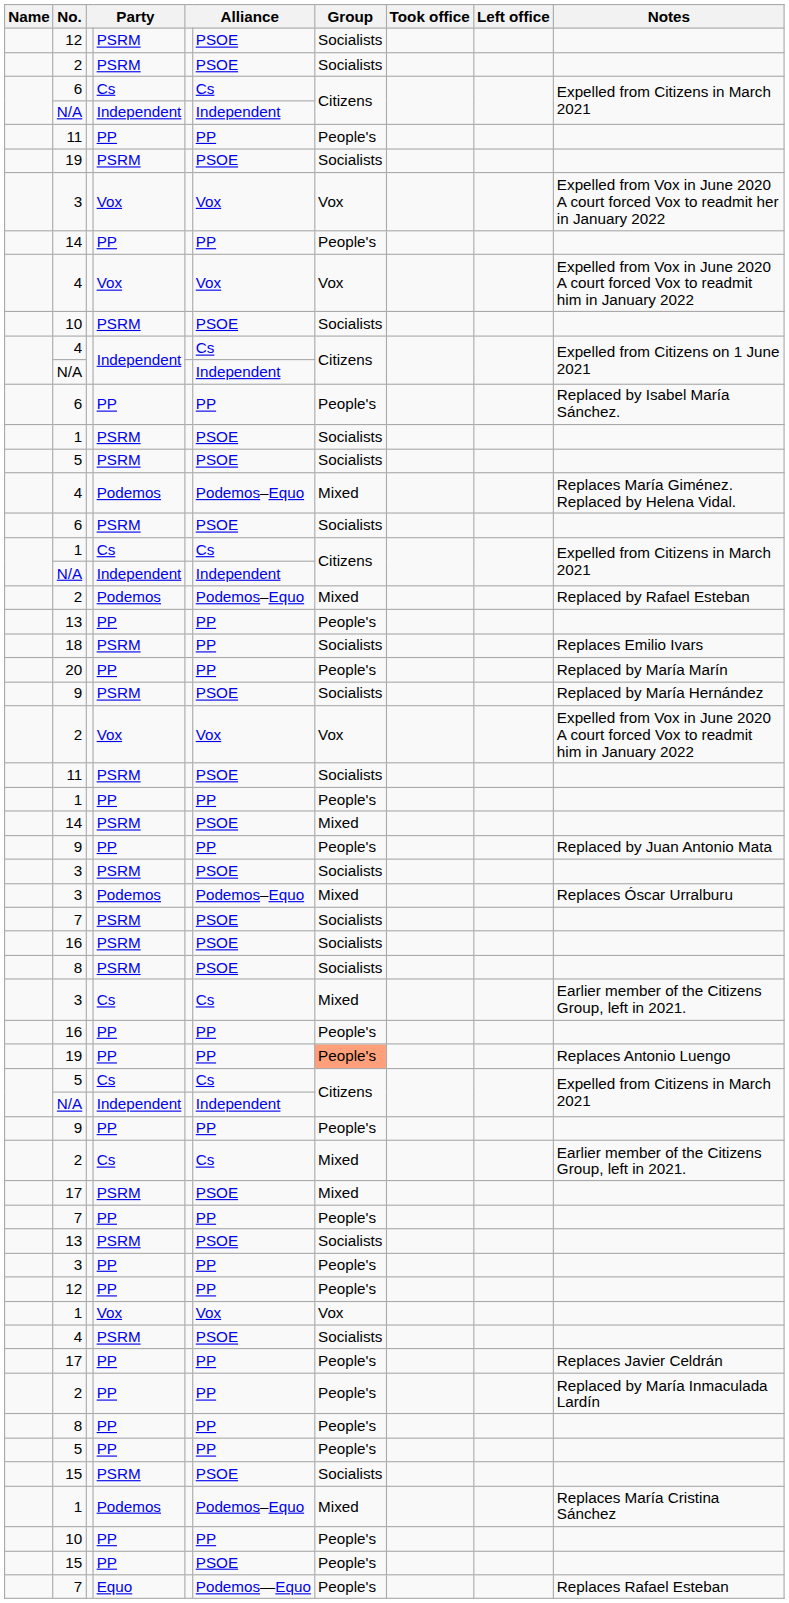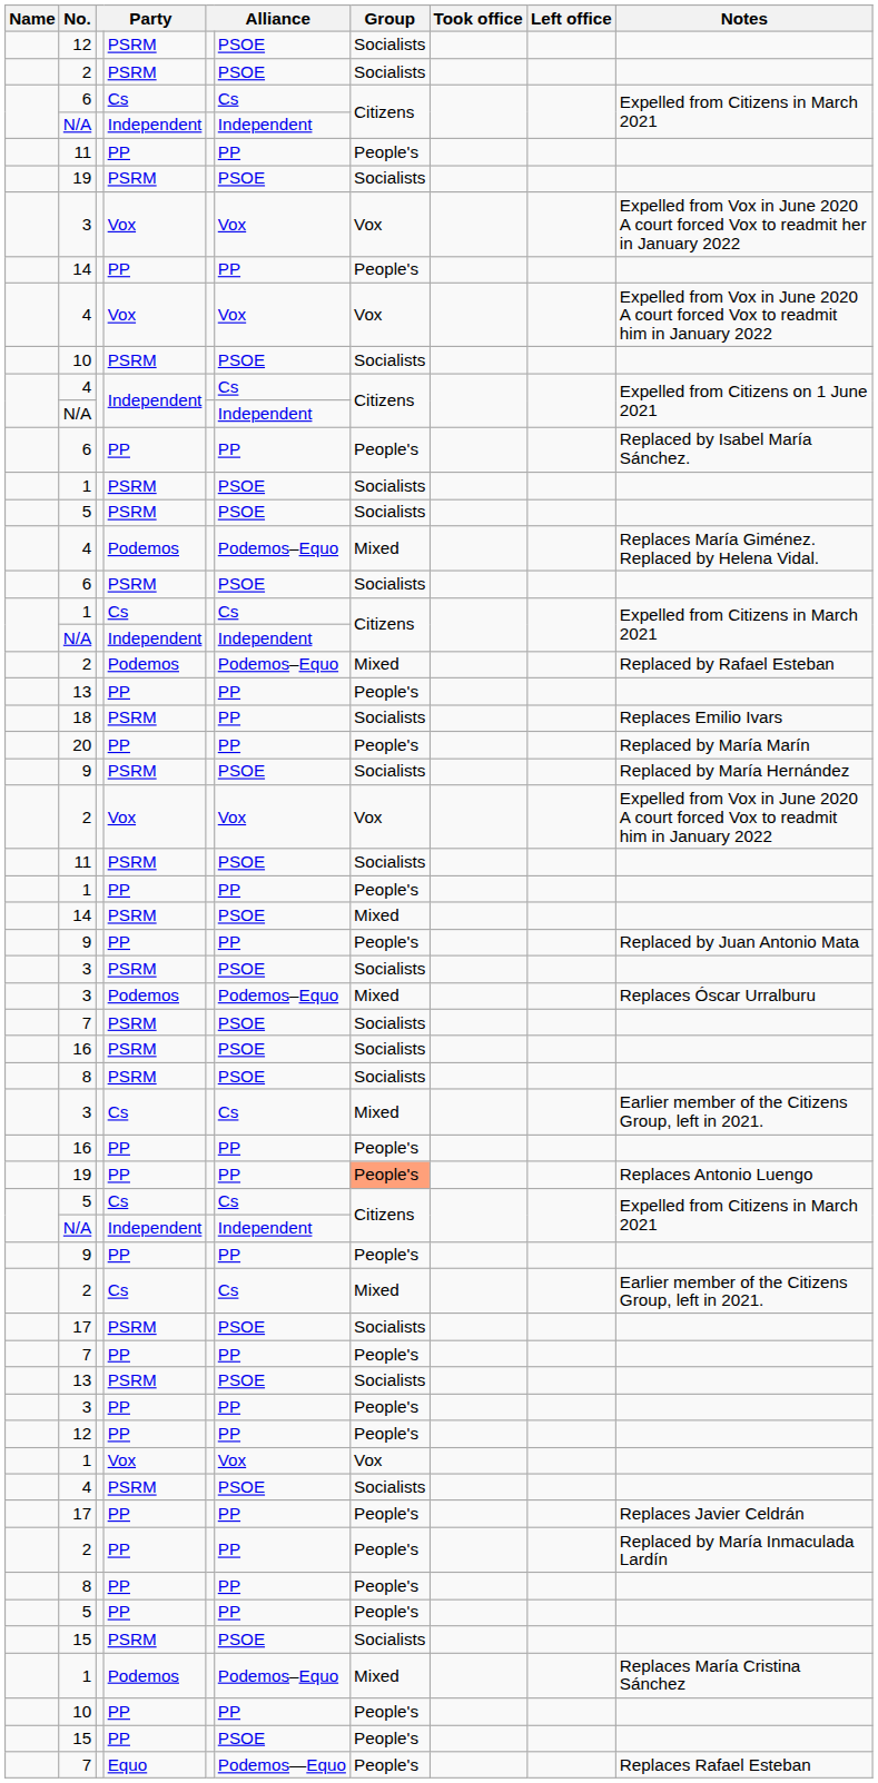 <table class="wikitable plainrowheaders sortable" style="font-size:85%; text-align:left;">
 <tr>
 <th scope="col">Name</th>
 <th scope="col">No.</th>
 <th colspan="2" scope="col">Party</th>
 <th colspan="2" scope="col">Alliance</th>
 <th scope="col">Group</th>
 <th scope="col">Took office</th>
 <th scope="col">Left office</th>
 <th scope="col" width="200">Notes</th>
 </tr>
 <tr>
 <td></td>
 <td align="right">12</td>
 <td style="background:"></td>
 <td><a href='#'>PSRM</a></td>
 <td style="background:"></td>
 <td><a href='#'>PSOE</a></td>
 <td>Socialists</td>
 <td align="center"></td>
 <td></td>
 <td></td>
 </tr>
 <tr>
 <td></td>
 <td align="right">2</td>
 <td style="background:"></td>
 <td><a href='#'>PSRM</a></td>
 <td style="background:"></td>
 <td><a href='#'>PSOE</a></td>
 <td>Socialists</td>
 <td align="center"></td>
 <td></td>
 <td></td>
 </tr>
 <tr>
 <td rowspan="2"></td>
 <td align="right">6</td>
 <td style="background:"></td>
 <td><a href='#'>Cs</a></td>
 <td style="background:"></td>
 <td><a href='#'>Cs</a></td>
 <td rowspan="2">Citizens</td>
 <td rowspan="2" align="center"></td>
 <td rowspan="2"></td>
 <td rowspan="2">Expelled from Citizens in March 2021</td>
 </tr>
 <tr>
 <td align="right"><a href='#'>N/A</a></td>
 <td style="background:"></td>
 <td><a href='#'>Independent</a></td>
 <td style="background:"></td>
 <td><a href='#'>Independent</a></td>
 </tr>
 <tr>
 <td></td>
 <td align="right">11</td>
 <td style="background:"></td>
 <td><a href='#'>PP</a></td>
 <td style="background:"></td>
 <td><a href='#'>PP</a></td>
 <td>People's</td>
 <td align="center"></td>
 <td></td>
 <td></td>
 </tr>
 <tr>
 <td></td>
 <td align="right">19</td>
 <td style="background:"></td>
 <td><a href='#'>PSRM</a></td>
 <td style="background:"></td>
 <td><a href='#'>PSOE</a></td>
 <td>Socialists</td>
 <td align="center"></td>
 <td></td>
 <td></td>
 </tr>
 <tr>
 <td></td>
 <td align="right">3</td>
 <td style="background:"></td>
 <td><a href='#'>Vox</a></td>
 <td style="background:"></td>
 <td><a href='#'>Vox</a></td>
 <td>Vox</td>
 <td align="center"></td>
 <td></td>
 <td>Expelled from Vox in June 2020 A court forced Vox to readmit her in January 2022</td>
 </tr>
 <tr>
 <td></td>
 <td align="right">14</td>
 <td style="background:"></td>
 <td><a href='#'>PP</a></td>
 <td style="background:"></td>
 <td><a href='#'>PP</a></td>
 <td>People's</td>
 <td align="center"></td>
 <td></td>
 <td></td>
 </tr>
 <tr>
 <td></td>
 <td align="right">4</td>
 <td style="background:"></td>
 <td><a href='#'>Vox</a></td>
 <td style="background:"></td>
 <td><a href='#'>Vox</a></td>
 <td>Vox</td>
 <td align="center"></td>
 <td></td>
 <td>Expelled from Vox in June 2020 A court forced Vox to readmit him in January 2022</td>
 </tr>
 <tr>
 <td></td>
 <td align="right">10</td>
 <td style="background:"></td>
 <td><a href='#'>PSRM</a></td>
 <td style="background:"></td>
 <td><a href='#'>PSOE</a></td>
 <td>Socialists</td>
 <td align="center"></td>
 <td></td>
 <td></td>
 </tr>
 <tr>
 <td rowspan="2"></td>
 <td align="right">4</td>
 <td rowspan="2" style="background:"></td>
 <td rowspan="2"><a href='#'>Independent</a></td>
 <td style="background:"></td>
 <td><a href='#'>Cs</a></td>
 <td rowspan="2">Citizens</td>
 <td rowspan="2" align="center"></td>
 <td rowspan="2"></td>
 <td rowspan="2">Expelled from Citizens on 1 June 2021</td>
 </tr>
 <tr>
 <td align="right">N/A</td>
 <td style="background:"></td>
 <td><a href='#'>Independent</a></td>
 </tr>
 <tr>
 <td></td>
 <td align="right">6</td>
 <td style="background:"></td>
 <td><a href='#'>PP</a></td>
 <td style="background:"></td>
 <td><a href='#'>PP</a></td>
 <td>People's</td>
 <td align="center"></td>
 <td align="center"></td>
 <td>Replaced by Isabel María Sánchez.</td>
 </tr>
 <tr>
 <td></td>
 <td align="right">1</td>
 <td style="background:"></td>
 <td><a href='#'>PSRM</a></td>
 <td style="background:"></td>
 <td><a href='#'>PSOE</a></td>
 <td>Socialists</td>
 <td align="center"></td>
 <td align="center"></td>
 <td></td>
 </tr>
 <tr>
 <td></td>
 <td align="right">5</td>
 <td style="background:"></td>
 <td><a href='#'>PSRM</a></td>
 <td style="background:"></td>
 <td><a href='#'>PSOE</a></td>
 <td>Socialists</td>
 <td align="center"></td>
 <td></td>
 <td></td>
 </tr>
 <tr>
 <td></td>
 <td align="right">4</td>
 <td style="background:"></td>
 <td><a href='#'>Podemos</a></td>
 <td style="background:"></td>
 <td><a href='#'>Podemos</a>–<a href='#'>Equo</a></td>
 <td>Mixed</td>
 <td align="center"></td>
 <td align="center"></td>
 <td>Replaces María Giménez. Replaced by Helena Vidal.</td>
 </tr>
 <tr>
 <td></td>
 <td align="right">6</td>
 <td style="background:"></td>
 <td><a href='#'>PSRM</a></td>
 <td style="background:"></td>
 <td><a href='#'>PSOE</a></td>
 <td>Socialists</td>
 <td align="center"></td>
 <td></td>
 <td></td>
 </tr>
 <tr>
 <td rowspan="2"></td>
 <td align="right">1</td>
 <td style="background:"></td>
 <td><a href='#'>Cs</a></td>
 <td style="background:"></td>
 <td><a href='#'>Cs</a></td>
 <td rowspan="2">Citizens</td>
 <td rowspan="2" align="center"></td>
 <td rowspan="2"></td>
 <td rowspan="2">Expelled from Citizens in March 2021</td>
 </tr>
 <tr>
 <td align="right"><a href='#'>N/A</a></td>
 <td style="background:"></td>
 <td><a href='#'>Independent</a></td>
 <td style="background:"></td>
 <td><a href='#'>Independent</a></td>
 </tr>
 <tr>
 <td></td>
 <td align="right">2</td>
 <td style="background:"></td>
 <td><a href='#'>Podemos</a></td>
 <td style="background:"></td>
 <td><a href='#'>Podemos</a>–<a href='#'>Equo</a></td>
 <td>Mixed</td>
 <td align="center"></td>
 <td align="center"></td>
 <td>Replaced by Rafael Esteban</td>
 </tr>
 <tr>
 <td></td>
 <td align="right">13</td>
 <td style="background:"></td>
 <td><a href='#'>PP</a></td>
 <td style="background:"></td>
 <td><a href='#'>PP</a></td>
 <td>People's</td>
 <td align="center"></td>
 <td></td>
 <td></td>
 </tr>
 <tr>
 <td></td>
 <td align="right">18</td>
 <td style="background:"></td>
 <td><a href='#'>PSRM</a></td>
 <td style="background:"></td>
 <td><a href='#'>PP</a></td>
 <td>Socialists</td>
 <td align="center"></td>
 <td></td>
 <td>Replaces Emilio Ivars</td>
 </tr>
 <tr>
 <td></td>
 <td align="right">20</td>
 <td style="background:"></td>
 <td><a href='#'>PP</a></td>
 <td style="background:"></td>
 <td><a href='#'>PP</a></td>
 <td>People's</td>
 <td align="center"></td>
 <td></td>
 <td>Replaced by María Marín</td>
 </tr>
 <tr>
 <td></td>
 <td align="right">9</td>
 <td style="background:"></td>
 <td><a href='#'>PSRM</a></td>
 <td style="background:"></td>
 <td><a href='#'>PSOE</a></td>
 <td>Socialists</td>
 <td align="center"></td>
 <td align="center"></td>
 <td>Replaced by María Hernández</td>
 </tr>
 <tr>
 <td></td>
 <td align="right">2</td>
 <td style="background:"></td>
 <td><a href='#'>Vox</a></td>
 <td style="background:"></td>
 <td><a href='#'>Vox</a></td>
 <td>Vox</td>
 <td align="center"></td>
 <td></td>
 <td>Expelled from Vox in June 2020 A court forced Vox to readmit him in January 2022</td>
 </tr>
 <tr>
 <td></td>
 <td align="right">11</td>
 <td style="background:"></td>
 <td><a href='#'>PSRM</a></td>
 <td style="background:"></td>
 <td><a href='#'>PSOE</a></td>
 <td>Socialists</td>
 <td align="center"></td>
 <td></td>
 <td></td>
 </tr>
 <tr>
 <td></td>
 <td align="right">1</td>
 <td style="background:"></td>
 <td><a href='#'>PP</a></td>
 <td style="background:"></td>
 <td><a href='#'>PP</a></td>
 <td>People's</td>
 <td align="center"></td>
 <td></td>
 <td></td>
 </tr>
 <tr>
 <td></td>
 <td align="right">14</td>
 <td style="background:"></td>
 <td><a href='#'>PSRM</a></td>
 <td style="background:"></td>
 <td><a href='#'>PSOE</a></td>
 <td>Mixed</td>
 <td align="center"></td>
 <td></td>
 <td></td>
 </tr>
 <tr>
 <td></td>
 <td align="right">9</td>
 <td style="background:"></td>
 <td><a href='#'>PP</a></td>
 <td style="background:"></td>
 <td><a href='#'>PP</a></td>
 <td>People's</td>
 <td align="center"></td>
 <td align="center"></td>
 <td>Replaced by Juan Antonio Mata</td>
 </tr>
 <tr>
 <td></td>
 <td align="right">3</td>
 <td style="background:"></td>
 <td><a href='#'>PSRM</a></td>
 <td style="background:"></td>
 <td><a href='#'>PSOE</a></td>
 <td>Socialists</td>
 <td align="center"></td>
 <td></td>
 <td></td>
 </tr>
 <tr>
 <td></td>
 <td align="right">3</td>
 <td style="background:"></td>
 <td><a href='#'>Podemos</a></td>
 <td style="background:"></td>
 <td><a href='#'>Podemos</a>–<a href='#'>Equo</a></td>
 <td>Mixed</td>
 <td align="center"></td>
 <td></td>
 <td>Replaces Óscar Urralburu</td>
 </tr>
 <tr>
 <td></td>
 <td align="right">7</td>
 <td style="background:"></td>
 <td><a href='#'>PSRM</a></td>
 <td style="background:"></td>
 <td><a href='#'>PSOE</a></td>
 <td>Socialists</td>
 <td align="center"></td>
 <td></td>
 <td></td>
 </tr>
 <tr>
 <td></td>
 <td align="right">16</td>
 <td style="background:"></td>
 <td><a href='#'>PSRM</a></td>
 <td style="background:"></td>
 <td><a href='#'>PSOE</a></td>
 <td>Socialists</td>
 <td align="center"></td>
 <td></td>
 <td></td>
 </tr>
 <tr>
 <td></td>
 <td align="right">8</td>
 <td style="background:"></td>
 <td><a href='#'>PSRM</a></td>
 <td style="background:"></td>
 <td><a href='#'>PSOE</a></td>
 <td>Socialists</td>
 <td align="center"></td>
 <td></td>
 <td></td>
 </tr>
 <tr>
 <td></td>
 <td align="right">3</td>
 <td style="background:"></td>
 <td><a href='#'>Cs</a></td>
 <td style="background:"></td>
 <td><a href='#'>Cs</a></td>
 <td>Mixed</td>
 <td align="center"></td>
 <td></td>
 <td>Earlier member of the Citizens Group, left in 2021.</td>
 </tr>
 <tr>
 <td></td>
 <td align="right">16</td>
 <td style="background:"></td>
 <td><a href='#'>PP</a></td>
 <td style="background:"></td>
 <td><a href='#'>PP</a></td>
 <td>People's</td>
 <td align="center"></td>
 <td></td>
 <td></td>
 </tr>
 <tr>
 <td></td>
 <td align="right">19</td>
 <td style="background:"></td>
 <td><a href='#'>PP</a></td>
 <td style="background:"></td>
 <td><a href='#'>PP</a></td>
 <td style="background: lightsalmon;">People's</td>
 <td align="center"></td>
 <td></td>
 <td>Replaces Antonio Luengo</td>
 </tr>
 <tr>
 <td rowspan="2"></td>
 <td align="right">5</td>
 <td style="background:"></td>
 <td><a href='#'>Cs</a></td>
 <td style="background:"></td>
 <td><a href='#'>Cs</a></td>
 <td rowspan="2">Citizens</td>
 <td rowspan="2" align="center"></td>
 <td rowspan="2"></td>
 <td rowspan="2">Expelled from Citizens in March 2021</td>
 </tr>
 <tr>
 <td align="right"><a href='#'>N/A</a></td>
 <td style="background:"></td>
 <td><a href='#'>Independent</a></td>
 <td style="background:"></td>
 <td><a href='#'>Independent</a></td>
 </tr>
 <tr>
 <td></td>
 <td align="right">9</td>
 <td style="background:"></td>
 <td><a href='#'>PP</a></td>
 <td style="background:"></td>
 <td><a href='#'>PP</a></td>
 <td>People's</td>
 <td align="center"></td>
 <td></td>
 <td></td>
 </tr>
 <tr>
 <td></td>
 <td align="right">2</td>
 <td style="background:"></td>
 <td><a href='#'>Cs</a></td>
 <td style="background:"></td>
 <td><a href='#'>Cs</a></td>
 <td>Mixed</td>
 <td align="center"></td>
 <td></td>
 <td>Earlier member of the Citizens Group, left in 2021.</td>
 </tr>
 <tr>
 <td></td>
 <td align="right">17</td>
 <td style="background:"></td>
 <td><a href='#'>PSRM</a></td>
 <td style="background:"></td>
 <td><a href='#'>PSOE</a></td>
-<td>Mixed</td>
+<td>Socialists</td>
 <td align="center"></td>
 <td></td>
 <td></td>
 </tr>
 <tr>
 <td></td>
 <td align="right">7</td>
 <td style="background:"></td>
 <td><a href='#'>PP</a></td>
 <td style="background:"></td>
 <td><a href='#'>PP</a></td>
 <td>People's</td>
 <td align="center"></td>
 <td></td>
 <td></td>
 </tr>
 <tr>
 <td></td>
 <td align="right">13</td>
 <td style="background:"></td>
 <td><a href='#'>PSRM</a></td>
 <td style="background:"></td>
 <td><a href='#'>PSOE</a></td>
 <td>Socialists</td>
 <td align="center"></td>
 <td></td>
 <td></td>
 </tr>
 <tr>
 <td></td>
 <td align="right">3</td>
 <td style="background:"></td>
 <td><a href='#'>PP</a></td>
 <td style="background:"></td>
 <td><a href='#'>PP</a></td>
 <td>People's</td>
 <td align="center"></td>
 <td></td>
 <td></td>
 </tr>
 <tr>
 <td></td>
 <td align="right">12</td>
 <td style="background:"></td>
 <td><a href='#'>PP</a></td>
 <td style="background:"></td>
 <td><a href='#'>PP</a></td>
 <td>People's</td>
 <td align="center"></td>
 <td></td>
 <td></td>
 </tr>
 <tr>
 <td></td>
 <td align="right">1</td>
 <td style="background:"></td>
 <td><a href='#'>Vox</a></td>
 <td style="background:"></td>
 <td><a href='#'>Vox</a></td>
 <td>Vox</td>
 <td align="center"></td>
 <td></td>
 <td></td>
 </tr>
 <tr>
 <td></td>
 <td align="right">4</td>
 <td style="background:"></td>
 <td><a href='#'>PSRM</a></td>
 <td style="background:"></td>
 <td><a href='#'>PSOE</a></td>
 <td>Socialists</td>
 <td align="center"></td>
 <td></td>
 <td></td>
 </tr>
 <tr>
 <td></td>
 <td align="right">17</td>
 <td style="background:"></td>
 <td><a href='#'>PP</a></td>
 <td style="background:"></td>
 <td><a href='#'>PP</a></td>
 <td>People's</td>
 <td align="center"></td>
 <td></td>
 <td>Replaces Javier Celdrán</td>
 </tr>
 <tr>
 <td></td>
 <td align="right">2</td>
 <td style="background:"></td>
 <td><a href='#'>PP</a></td>
 <td style="background:"></td>
 <td><a href='#'>PP</a></td>
 <td>People's</td>
 <td align="center"></td>
 <td align="center"></td>
 <td>Replaced by María Inmaculada Lardín</td>
 </tr>
 <tr>
 <td></td>
 <td align="right">8</td>
 <td style="background:"></td>
 <td><a href='#'>PP</a></td>
 <td style="background:"></td>
 <td><a href='#'>PP</a></td>
 <td>People's</td>
 <td align="center"></td>
 <td></td>
 <td></td>
 </tr>
 <tr>
 <td></td>
 <td align="right">5</td>
 <td style="background:"></td>
 <td><a href='#'>PP</a></td>
 <td style="background:"></td>
 <td><a href='#'>PP</a></td>
 <td>People's</td>
 <td align="center"></td>
 <td></td>
 <td></td>
 </tr>
 <tr>
 <td></td>
 <td align="right">15</td>
 <td style="background:"></td>
 <td><a href='#'>PSRM</a></td>
 <td style="background:"></td>
 <td><a href='#'>PSOE</a></td>
 <td>Socialists</td>
 <td align="center"></td>
 <td></td>
 <td></td>
 </tr>
 <tr>
 <td></td>
 <td align="right">1</td>
 <td style="background:"></td>
 <td><a href='#'>Podemos</a></td>
 <td style="background:"></td>
 <td><a href='#'>Podemos</a>–<a href='#'>Equo</a></td>
 <td>Mixed</td>
 <td align="center"></td>
 <td align="center"></td>
 <td>Replaces María Cristina Sánchez</td>
 </tr>
 <tr>
 <td></td>
 <td align="right">10</td>
 <td style="background:"></td>
 <td><a href='#'>PP</a></td>
 <td style="background:"></td>
 <td><a href='#'>PP</a></td>
 <td>People's</td>
 <td align="center"></td>
 <td></td>
 <td></td>
 </tr>
 <tr>
 <td></td>
 <td align="right">15</td>
 <td style="background:"></td>
 <td><a href='#'>PP</a></td>
 <td style="background:"></td>
 <td><a href='#'>PSOE</a></td>
 <td>People's</td>
 <td align="center"></td>
 <td></td>
 <td></td>
 </tr>
 <tr>
 <td></td>
 <td align="right">7</td>
 <td style="background:"></td>
 <td><a href='#'>Equo</a></td>
 <td style="background:"></td>
 <td><a href='#'>Podemos</a>—<a href='#'>Equo</a></td>
 <td>People's</td>
 <td align="center"></td>
 <td></td>
 <td>Replaces Rafael Esteban</td>
 </tr>
 </table>
